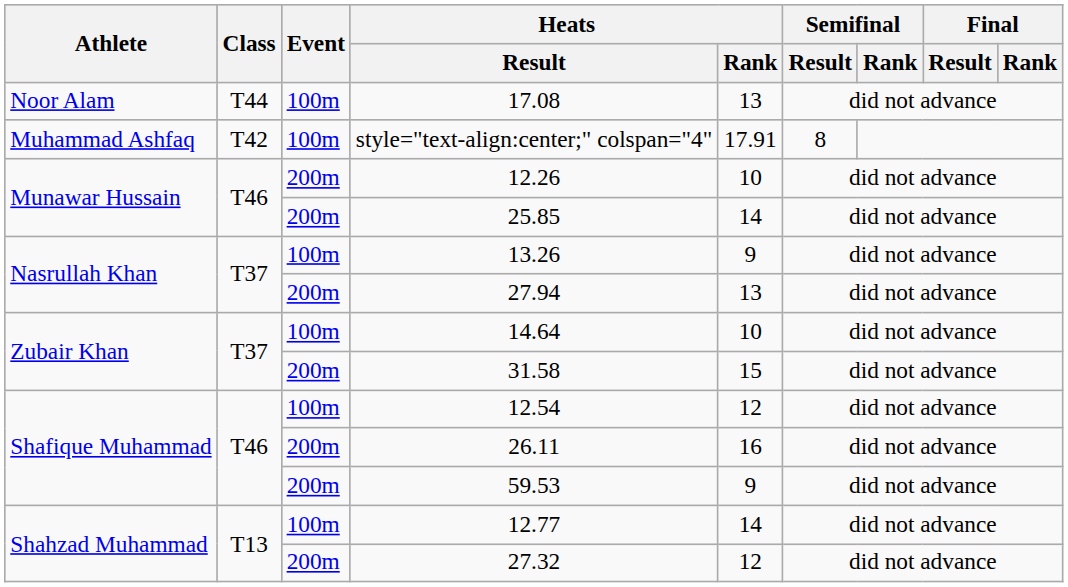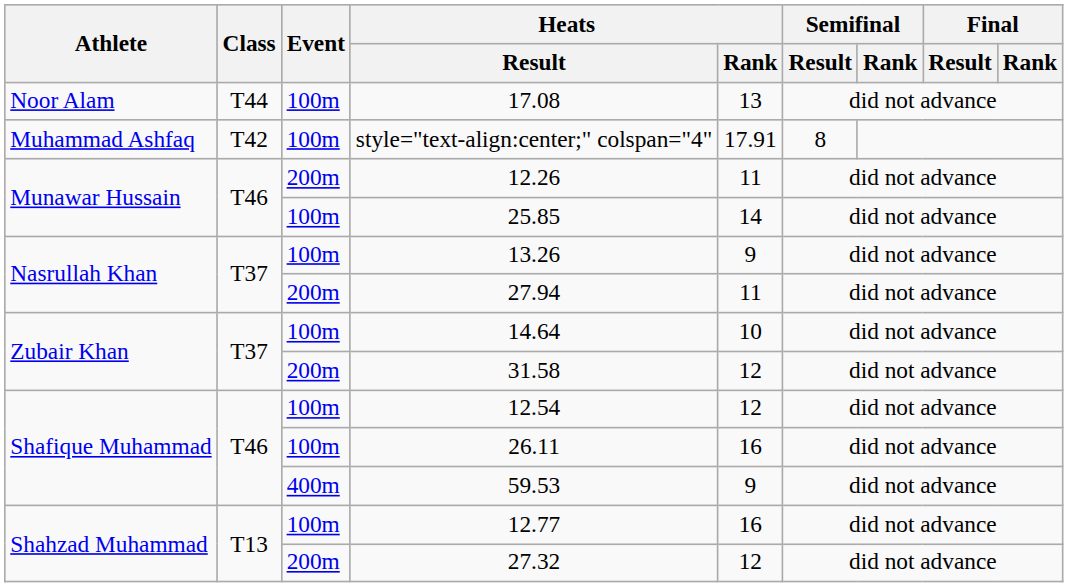 <table class=wikitable style="font-size:90%">
 <tr>
 <th rowspan="2">Athlete</th>
 <th rowspan="2">Class</th>
 <th rowspan="2">Event</th>
 <th colspan="2">Heats</th>
 <th colspan="2">Semifinal</th>
 <th colspan="2">Final</th>
 </tr>
 <tr>
 <th>Result</th>
 <th>Rank</th>
 <th>Result</th>
 <th>Rank</th>
 <th>Result</th>
 <th>Rank</th>
 </tr>
 <tr>
 <td><a href='#'>Noor Alam</a></td>
 <td style="text-align:center;">T44</td>
 <td><a href='#'>100m</a></td>
 <td style="text-align:center;">17.08</td>
 <td style="text-align:center;">13</td>
 <td style="text-align:center;" colspan="4">did not advance</td>
 </tr>
 <tr>
 <td><a href='#'>Muhammad Ashfaq</a></td>
 <td style="text-align:center;">T42</td>
 <td><a href='#'>100m</a></td>
 <td>style="text-align:center;" colspan="4" </td>
 <td style="text-align:center;">17.91</td>
 <td style="text-align:center;">8</td>
 </tr>
 <tr>
 <td rowspan="2"><a href='#'>Munawar Hussain</a></td>
 <td rowspan="2" style="text-align:center;">T46</td>
 <td><a href='#'>200m</a></td>
 <td style="text-align:center;">12.26</td>
-<td style="text-align:center;">10</td>
+<td style="text-align:center;">11</td>
 <td style="text-align:center;" colspan="4">did not advance</td>
 </tr>
 <tr>
-<td><a href='#'>200m</a></td>
+<td><a href='#'>100m</a></td>
 <td style="text-align:center;">25.85</td>
 <td style="text-align:center;">14</td>
 <td style="text-align:center;" colspan="4">did not advance</td>
 </tr>
 <tr>
 <td rowspan="2"><a href='#'>Nasrullah Khan</a></td>
 <td rowspan="2" style="text-align:center;">T37</td>
 <td><a href='#'>100m</a></td>
 <td style="text-align:center;">13.26</td>
 <td style="text-align:center;">9</td>
 <td style="text-align:center;" colspan="4">did not advance</td>
 </tr>
 <tr>
 <td><a href='#'>200m</a></td>
 <td style="text-align:center;">27.94</td>
-<td style="text-align:center;">13</td>
+<td style="text-align:center;">11</td>
 <td style="text-align:center;" colspan="4">did not advance</td>
 </tr>
 <tr>
 <td rowspan="2"><a href='#'>Zubair Khan</a></td>
 <td rowspan="2" style="text-align:center;">T37</td>
 <td><a href='#'>100m</a></td>
 <td style="text-align:center;">14.64</td>
 <td style="text-align:center;">10</td>
 <td style="text-align:center;" colspan="4">did not advance</td>
 </tr>
 <tr>
 <td><a href='#'>200m</a></td>
 <td style="text-align:center;">31.58</td>
-<td style="text-align:center;">15</td>
+<td style="text-align:center;">12</td>
 <td style="text-align:center;" colspan="4">did not advance</td>
 </tr>
 <tr>
 <td rowspan="3"><a href='#'>Shafique Muhammad</a></td>
 <td rowspan="3" style="text-align:center;">T46</td>
 <td><a href='#'>100m</a></td>
 <td style="text-align:center;">12.54</td>
 <td style="text-align:center;">12</td>
 <td style="text-align:center;" colspan="4">did not advance</td>
 </tr>
 <tr>
-<td><a href='#'>200m</a></td>
+<td><a href='#'>100m</a></td>
 <td style="text-align:center;">26.11</td>
 <td style="text-align:center;">16</td>
 <td style="text-align:center;" colspan="4">did not advance</td>
 </tr>
 <tr>
-<td><a href='#'>200m</a></td>
+<td><a href='#'>400m</a></td>
 <td style="text-align:center;">59.53</td>
 <td style="text-align:center;">9</td>
 <td style="text-align:center;" colspan="4">did not advance</td>
 </tr>
 <tr>
 <td rowspan="2"><a href='#'>Shahzad Muhammad</a></td>
 <td rowspan="2" style="text-align:center;">T13</td>
 <td><a href='#'>100m</a></td>
 <td style="text-align:center;">12.77</td>
-<td style="text-align:center;">14</td>
+<td style="text-align:center;">16</td>
 <td style="text-align:center;" colspan="4">did not advance</td>
 </tr>
 <tr>
 <td><a href='#'>200m</a></td>
 <td style="text-align:center;">27.32</td>
 <td style="text-align:center;">12</td>
 <td style="text-align:center;" colspan="4">did not advance</td>
 </tr>
 </table>
